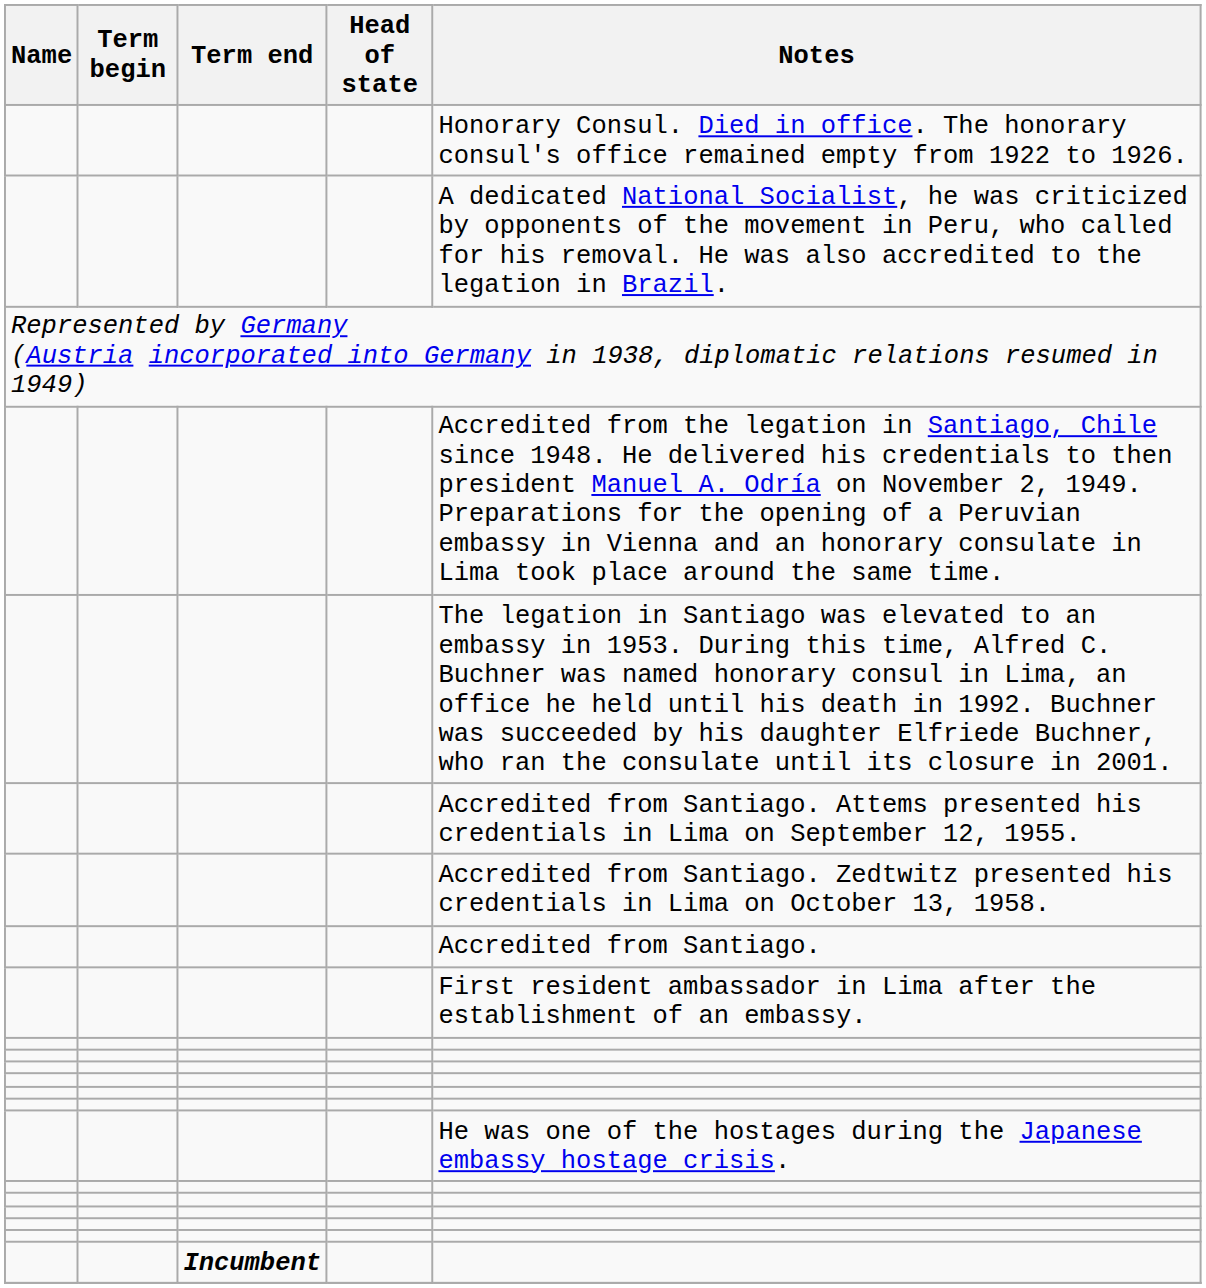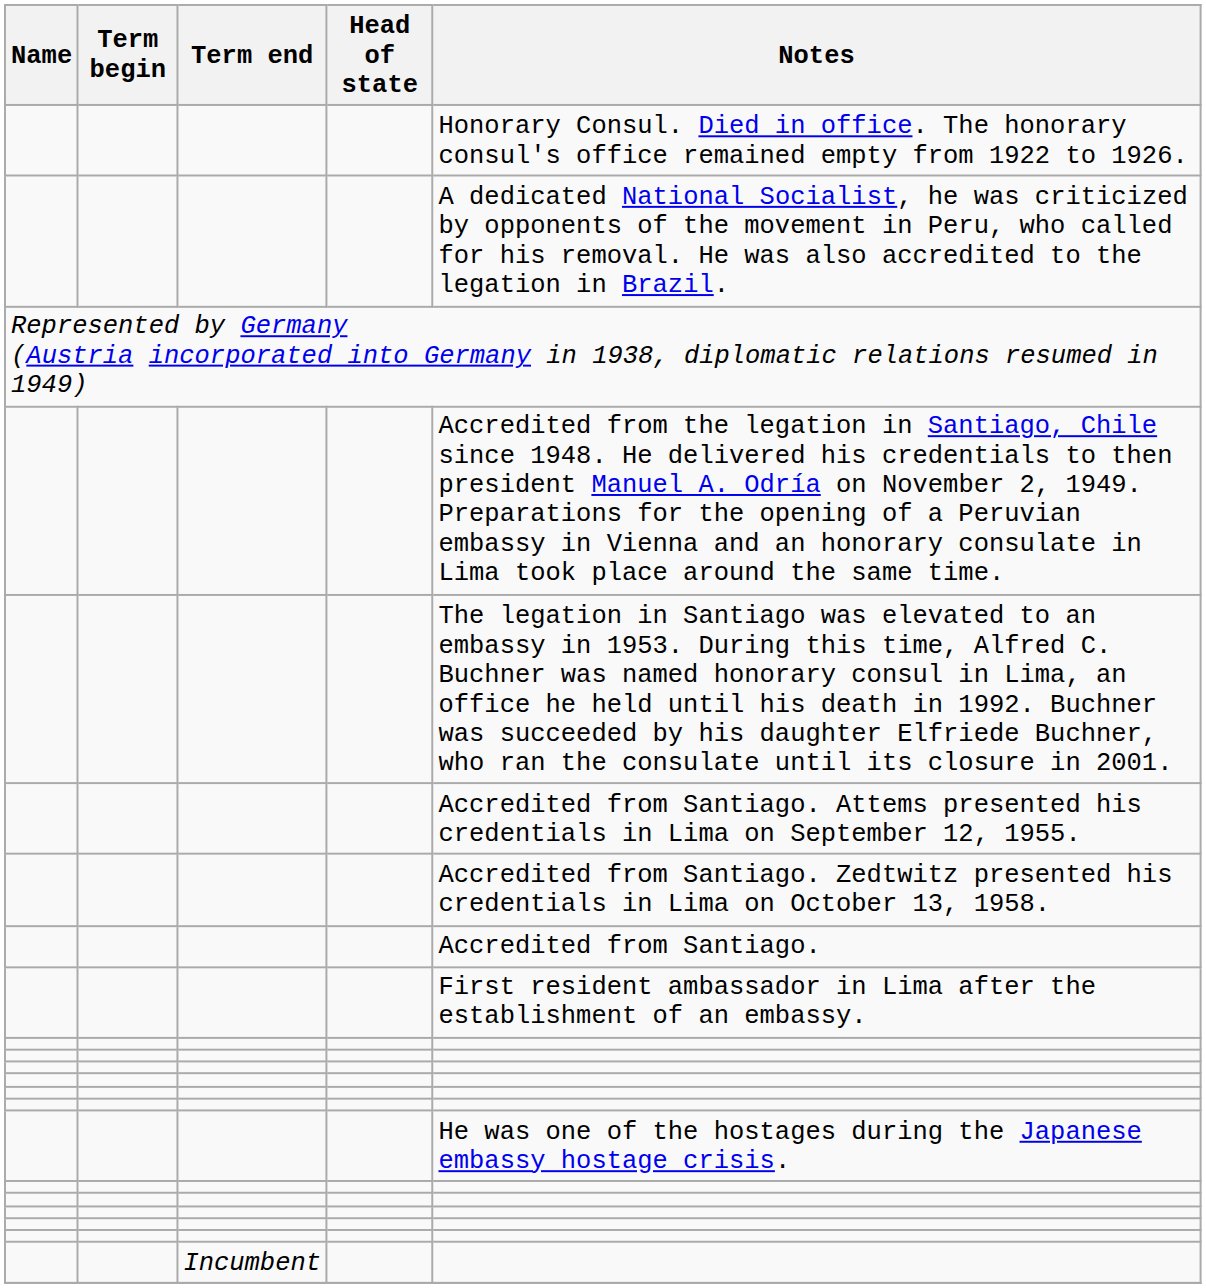 <table class="wikitable sortable"  text-align:center;">
 <tr>
 <th>Name</th>
 <th>Term begin</th>
 <th>Term end</th>
 <th>Head of state</th>
 <th class="unsortable">Notes</th>
 </tr>
 <tr>
 <td></td>
 <td></td>
 <td></td>
 <td></td>
 <td>Honorary Consul. <a href='#'>Died in office</a>. The honorary consul's office remained empty from 1922 to 1926.</td>
 </tr>
 <tr>
 <td></td>
 <td></td>
 <td></td>
 <td></td>
 <td>A dedicated <a href='#'>National Socialist</a>, he was criticized by opponents of the movement in Peru, who called for his removal. He was also accredited to the legation in <a href='#'>Brazil</a>.</td>
 </tr>
 <tr>
 <td colspan=6><div><em>Represented by  <a href='#'>Germany</a><br>(<a href='#'>Austria</a> <a href='#'>incorporated into Germany</a> in 1938, diplomatic relations resumed in 1949)</em></div></td>
 </tr>
 <tr>
 <td></td>
 <td></td>
 <td></td>
 <td></td>
 <td>Accredited from the legation in <a href='#'>Santiago, Chile</a> since 1948. He delivered his credentials to then president <a href='#'>Manuel A. Odría</a> on November 2, 1949. Preparations for the opening of a Peruvian embassy in Vienna and an honorary consulate in Lima took place around the same time.</td>
 </tr>
 <tr>
 <td></td>
 <td></td>
 <td></td>
 <td></td>
 <td>The legation in Santiago was elevated to an embassy in 1953. During this time, Alfred C. Buchner was named honorary consul in Lima, an office he held until his death in 1992. Buchner was succeeded by his daughter Elfriede Buchner, who ran the consulate until its closure in 2001.</td>
 </tr>
 <tr>
 <td></td>
 <td></td>
 <td></td>
 <td></td>
 <td>Accredited from Santiago. Attems presented his credentials in Lima on September 12, 1955.</td>
 </tr>
 <tr>
 <td></td>
 <td></td>
 <td></td>
 <td></td>
 <td>Accredited from Santiago. Zedtwitz presented his credentials in Lima on October 13, 1958.</td>
 </tr>
 <tr>
 <td></td>
 <td></td>
 <td></td>
 <td></td>
 <td>Accredited from Santiago.</td>
 </tr>
 <tr>
 <td></td>
 <td></td>
 <td></td>
 <td></td>
 <td>First resident ambassador in Lima after the establishment of an embassy.</td>
 </tr>
 <tr>
 <td></td>
 <td></td>
 <td></td>
 <td></td>
 <td></td>
 </tr>
 <tr>
 <td></td>
 <td></td>
 <td></td>
 <td></td>
 <td></td>
 </tr>
 <tr>
 <td></td>
 <td></td>
 <td></td>
 <td></td>
 <td></td>
 </tr>
 <tr>
 <td></td>
 <td></td>
 <td></td>
 <td></td>
 <td></td>
 </tr>
 <tr>
 <td></td>
 <td></td>
 <td></td>
 <td></td>
 <td></td>
 </tr>
 <tr>
 <td></td>
 <td></td>
 <td></td>
 <td></td>
 <td></td>
 </tr>
 <tr>
 <td></td>
 <td></td>
 <td></td>
 <td></td>
 <td>He was one of the hostages during the <a href='#'>Japanese embassy hostage crisis</a>.</td>
 </tr>
 <tr>
 <td></td>
 <td></td>
 <td></td>
 <td></td>
 <td></td>
 </tr>
 <tr>
 <td></td>
 <td></td>
 <td></td>
 <td></td>
 <td></td>
 </tr>
 <tr>
 <td></td>
 <td></td>
 <td></td>
 <td></td>
 <td></td>
 </tr>
 <tr>
 <td></td>
 <td></td>
 <td></td>
 <td></td>
 <td></td>
 </tr>
 <tr>
 <td></td>
 <td></td>
 <td></td>
 <td></td>
 <td></td>
 </tr>
 <tr>
 <td></td>
 <td></td>
-<td><strong><em>Incumbent</em></strong></td>
+<td><em>Incumbent</em></td>
 <td></td>
 <td></td>
 </tr>
 <tr>
 </tr>
 </table>
